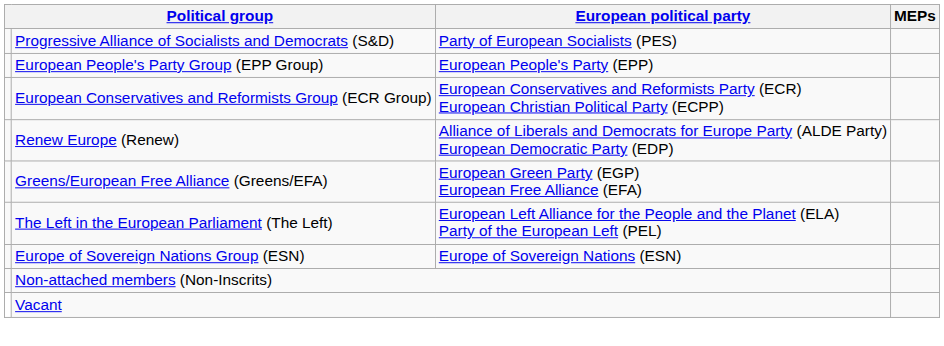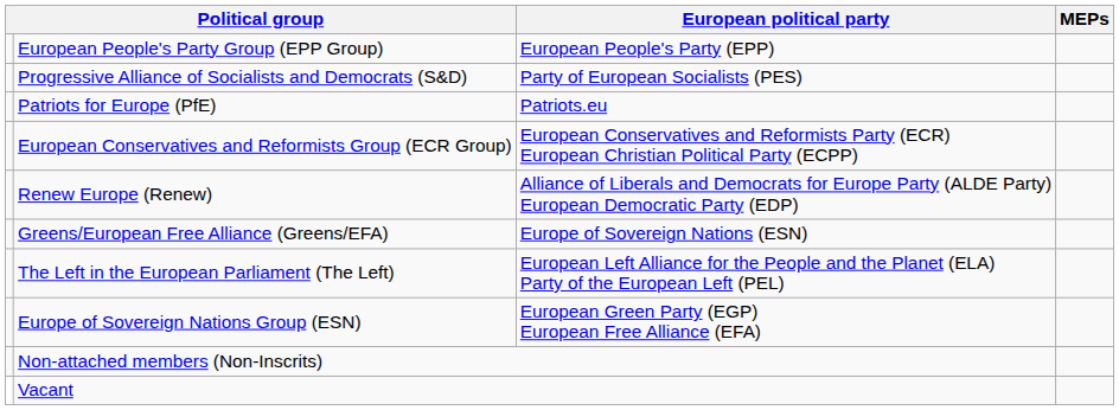 <table class="wikitable">
 <tr>
 <th colspan="2"><a href='#'>Political group</a></th>
 <th><a href='#'>European political party</a></th>
 <th>MEPs</th>
+</tr>
+<tr>
+<td style="background-color:"></td>
+<td><a href='#'>European People's Party Group</a> (EPP Group)</td>
+<td><a href='#'>European People's Party</a> (EPP)</td>
+<td></td>
 </tr>
 <tr>
 <td style="background-color:"></td>
 <td><a href='#'>Progressive Alliance of Socialists and Democrats</a> (S&D)</td>
 <td><a href='#'>Party of European Socialists</a> (PES)</td>
 <td></td>
 </tr>
 <tr>
 <td style="background-color:"></td>
-<td><a href='#'>European People's Party Group</a> (EPP Group)</td>
-<td><a href='#'>European People's Party</a> (EPP)</td>
+<td><a href='#'>Patriots for Europe</a> (PfE)</td>
+<td><a href='#'>Patriots.eu</a></td>
 <td></td>
 </tr>
 <tr>
 <td style="background-color:"></td>
 <td><a href='#'>European Conservatives and Reformists Group</a> (ECR Group)</td>
 <td><a href='#'>European Conservatives and Reformists Party</a> (ECR)<br><a href='#'>European Christian Political Party</a> (ECPP)</td>
 <td></td>
 </tr>
 <tr>
 <td style="background-color:"></td>
 <td><a href='#'>Renew Europe</a> (Renew)</td>
 <td><a href='#'>Alliance of Liberals and Democrats for Europe Party</a> (ALDE Party)<br><a href='#'>European Democratic Party</a> (EDP)</td>
 <td></td>
 </tr>
 <tr>
 <td style="background-color:"></td>
 <td><a href='#'>Greens/European Free Alliance</a> (Greens/EFA)</td>
-<td><a href='#'>European Green Party</a> (EGP)<br><a href='#'>European Free Alliance</a> (EFA)</td>
+<td><a href='#'>Europe of Sovereign Nations</a> (ESN)</td>
 <td></td>
 </tr>
 <tr>
 <td style="background-color:"></td>
 <td><a href='#'>The Left in the European Parliament</a> (The Left)</td>
 <td><a href='#'>European Left Alliance for the People and the Planet</a> (ELA)<br><a href='#'>Party of the European Left</a> (PEL)</td>
 <td></td>
 </tr>
 <tr>
 <td style="background-color:"></td>
 <td><a href='#'>Europe of Sovereign Nations Group</a> (ESN)</td>
-<td><a href='#'>Europe of Sovereign Nations</a> (ESN)</td>
+<td><a href='#'>European Green Party</a> (EGP)<br><a href='#'>European Free Alliance</a> (EFA)</td>
 <td></td>
 </tr>
 <tr>
 <td style="background-color:"></td>
 <td colspan=2><a href='#'>Non-attached members</a> (Non-Inscrits)</td>
 <td></td>
 </tr>
 <tr>
 <td style="background-color:#ffffff"></td>
 <td colspan=2><a href='#'>Vacant</a></td>
 <td></td>
 </tr>
 </table>
